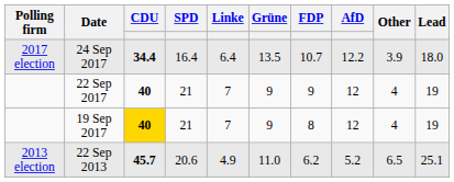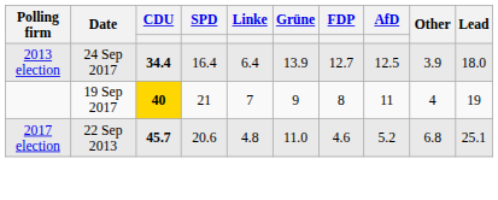 <table class="wikitable sortable" style="text-align:center; font-size:90%; line-height:16px;">
 <tr>
 <th style="width:60px;" rowspan="2">Polling firm</th>
 <th style="width:60px;" rowspan="2">Date</th>
 <th style="width:40px;" class="unsortable"><a href='#'>CDU</a></th>
 <th style="width:40px;" class="unsortable"><a href='#'>SPD</a></th>
 <th style="width:40px;" class="unsortable"><a href='#'>Linke</a></th>
 <th style="width:40px;" class="unsortable"><a href='#'>Grüne</a></th>
 <th style="width:40px;" class="unsortable"><a href='#'>FDP</a></th>
 <th style="width:40px;" class="unsortable"><a href='#'>AfD</a></th>
 <th style="width:40px;" rowspan="2" class="unsortable">Other</th>
 <th style="width:30px;" rowspan="2" class="unsortable">Lead</th>
 </tr>
 <tr>
 <th style="color:inherit;background:"></th>
 <th style="color:inherit;background:"></th>
 <th style="color:inherit;background:"></th>
 <th style="color:inherit;background:"></th>
 <th style="color:inherit;background:"></th>
 <th style="color:inherit;background:"></th>
 </tr>
 <tr style="background-color:#E9E9E9">
-<td><a href='#'>2017 election</a></td>
+<td><a href='#'>2013 election</a></td>
 <td>24 Sep 2017</td>
 <td><strong>34.4</strong></td>
 <td>16.4</td>
 <td>6.4</td>
-<td>13.5</td>
-<td>10.7</td>
-<td>12.2</td>
+<td>13.9</td>
+<td>12.7</td>
+<td>12.5</td>
 <td>3.9</td>
 <td style="background:">18.0</td>
-</tr>
-<tr>
-<td></td>
-<td>22 Sep 2017</td>
-<td><strong>40</strong></td>
-<td>21</td>
-<td>7</td>
-<td>9</td>
-<td>9</td>
-<td>12</td>
-<td>4</td>
-<td style="background:">19</td>
 </tr>
 <tr>
 <td></td>
 <td>19 Sep 2017</td>
 <td style="background: gold;"><strong>40</strong></td>
 <td>21</td>
 <td>7</td>
 <td>9</td>
 <td>8</td>
-<td>12</td>
+<td>11</td>
 <td>4</td>
 <td style="background:">19</td>
 </tr>
 <tr style="background-color:#E9E9E9">
-<td><a href='#'>2013 election</a></td>
+<td><a href='#'>2017 election</a></td>
 <td>22 Sep 2013</td>
 <td><strong>45.7</strong></td>
 <td>20.6</td>
-<td>4.9</td>
+<td>4.8</td>
 <td>11.0</td>
-<td>6.2</td>
+<td>4.6</td>
 <td>5.2</td>
-<td>6.5</td>
+<td>6.8</td>
 <td style="background:">25.1</td>
 </tr>
 </table>
